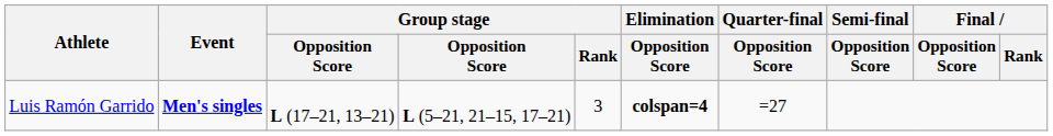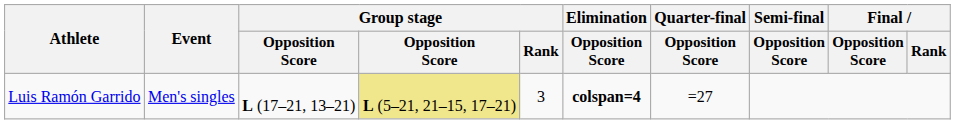 <table class="wikitable" style="font-size:90%">
 <tr>
 <th rowspan="2">Athlete</th>
 <th rowspan="2">Event</th>
 <th colspan="3">Group stage</th>
 <th>Elimination</th>
 <th>Quarter-final</th>
 <th>Semi-final</th>
 <th colspan="2">Final / </th>
 </tr>
 <tr style="font-size:95%">
 <th>Opposition<br>Score</th>
 <th>Opposition<br>Score</th>
 <th>Rank</th>
 <th>Opposition<br>Score</th>
 <th>Opposition<br>Score</th>
 <th>Opposition<br>Score</th>
 <th>Opposition<br>Score</th>
 <th>Rank</th>
 </tr>
 <tr align="center">
 <td align="left"><a href='#'>Luis Ramón Garrido</a></td>
-<td align="left"><strong><a href='#'>Men's singles</a></strong></td>
+<td align="left"><a href='#'>Men's singles</a></td>
 <td><br><strong>L</strong> (17–21, 13–21)</td>
-<td><br><strong>L</strong> (5–21, 21–15, 17–21)</td>
+<td style="background: khaki;"><br><strong>L</strong> (5–21, 21–15, 17–21)</td>
 <td>3</td>
 <td><strong>colspan=4</strong></td>
 <td>=27</td>
 </tr>
 </table>
